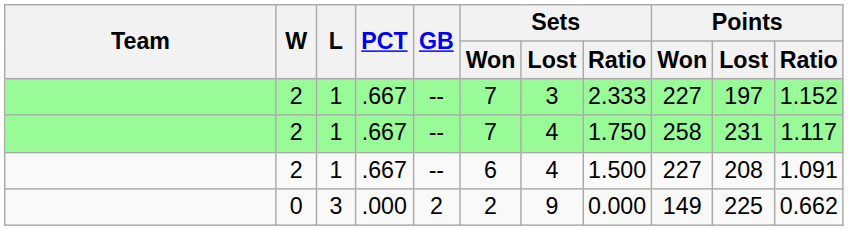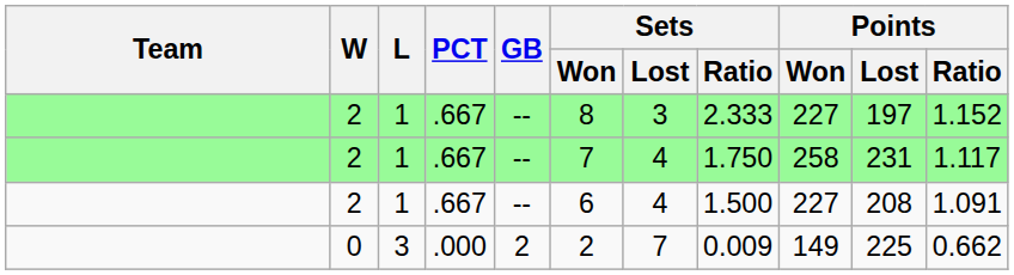 <table class="wikitable" style="text-align:center">
 <tr>
 <th rowspan=2 width=180px>Team</th>
 <th rowspan=2 width=20px>W</th>
 <th rowspan=2 width=20px>L</th>
 <th rowspan=2 width=30px><a href='#'>PCT</a></th>
 <th rowspan=2 width=25px><a href='#'>GB</a></th>
 <th colspan=3>Sets</th>
 <th colspan=3>Points</th>
 </tr>
 <tr>
 <th width=35px>Won</th>
 <th width=35px>Lost</th>
 <th width=40px>Ratio</th>
 <th width=35px>Won</th>
 <th width=35px>Lost</th>
 <th width=40px>Ratio</th>
 </tr>
 <tr bgcolor=#98fb98>
 <td align=left></td>
 <td>2</td>
 <td>1</td>
 <td>.667</td>
 <td>--</td>
-<td>7</td>
+<td>8</td>
 <td>3</td>
 <td>2.333</td>
 <td>227</td>
 <td>197</td>
 <td>1.152</td>
 </tr>
 <tr bgcolor=#98fb98>
 <td align=left></td>
 <td>2</td>
 <td>1</td>
 <td>.667</td>
 <td>--</td>
 <td>7</td>
 <td>4</td>
 <td>1.750</td>
 <td>258</td>
 <td>231</td>
 <td>1.117</td>
 </tr>
 <tr>
 <td align=left></td>
 <td>2</td>
 <td>1</td>
 <td>.667</td>
 <td>--</td>
 <td>6</td>
 <td>4</td>
 <td>1.500</td>
 <td>227</td>
 <td>208</td>
 <td>1.091</td>
 </tr>
 <tr>
 <td align=left></td>
 <td>0</td>
 <td>3</td>
 <td>.000</td>
 <td>2</td>
 <td>2</td>
-<td>9</td>
-<td>0.000</td>
+<td>7</td>
+<td>0.009</td>
 <td>149</td>
 <td>225</td>
 <td>0.662</td>
 </tr>
 </table>
